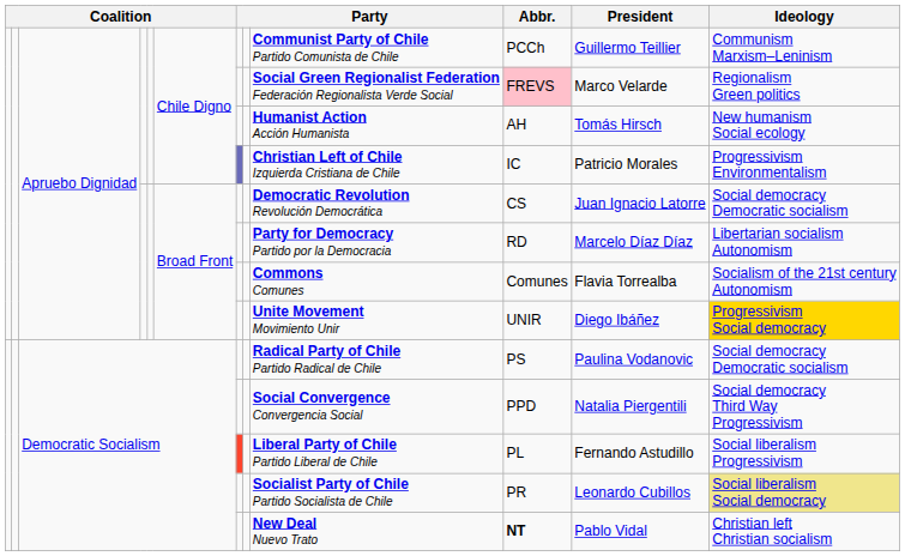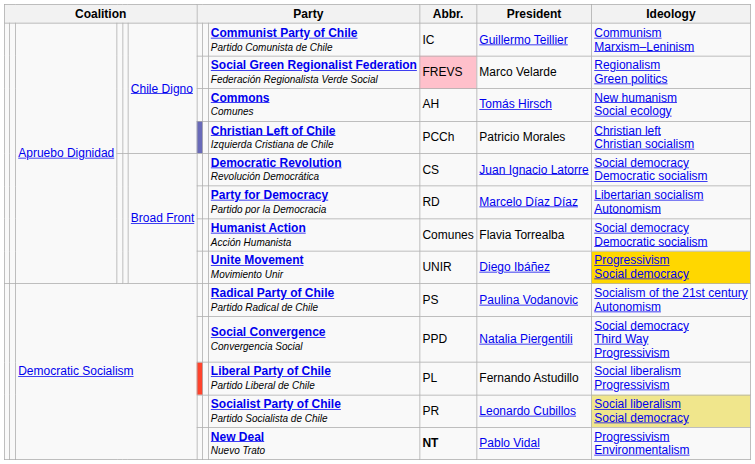 <table class="wikitable" style="font-size:100%">
 <tr>
 <th colspan="6">Coalition</th>
 <th colspan="3">Party</th>
 <th>Abbr.</th>
 <th>President</th>
 <th>Ideology</th>
 </tr>
 <tr>
 <td rowspan="8" style="background-color: "></td>
 <td rowspan="8"></td>
 <td rowspan="8"><a href='#'>Apruebo Dignidad</a></td>
 <td rowspan="4" style="background-color: "></td>
 <td rowspan="4"></td>
 <td rowspan="4"><a href='#'>Chile Digno</a></td>
 <td style="background-color: "></td>
 <td></td>
 <td><strong><a href='#'>Communist Party of Chile</a></strong><br><small><em>Partido Comunista de Chile</em></small></td>
-<td>PCCh</td>
+<td>IC</td>
 <td><a href='#'>Guillermo Teillier</a></td>
 <td><a href='#'>Communism</a><br><a href='#'>Marxism–Leninism</a></td>
 </tr>
 <tr>
 <td style="background-color: "></td>
 <td></td>
 <td><strong><a href='#'>Social Green Regionalist Federation</a></strong><br><small><em>Federación Regionalista Verde Social</em></small></td>
 <td style="background: pink;">FREVS</td>
 <td>Marco Velarde</td>
 <td><a href='#'>Regionalism</a><br><a href='#'>Green politics</a></td>
 </tr>
 <tr>
 <td style="background-color: "></td>
 <td></td>
-<td><strong><a href='#'>Humanist Action</a></strong><br><small><em>Acción Humanista</em></small></td>
+<td><strong><a href='#'>Commons</a></strong><br><small><em>Comunes</em></small></td>
 <td>AH</td>
 <td><a href='#'>Tomás Hirsch</a></td>
 <td><a href='#'>New humanism</a><br><a href='#'>Social ecology</a></td>
 </tr>
 <tr>
 <td style="background-color: #696AB9"></td>
 <td></td>
 <td><strong><a href='#'>Christian Left of Chile</a></strong><br><small><em>Izquierda Cristiana de Chile</em></small></td>
-<td>IC</td>
+<td>PCCh</td>
 <td>Patricio Morales</td>
-<td><a href='#'>Progressivism</a><br><a href='#'>Environmentalism</a></td>
+<td><a href='#'>Christian left</a><br><a href='#'>Christian socialism</a></td>
 </tr>
 <tr>
 <td rowspan="4" style="background-color: "></td>
 <td rowspan="4"></td>
 <td rowspan="4"><a href='#'>Broad Front</a></td>
 <td style="background-color: "></td>
 <td></td>
 <td><strong><a href='#'>Democratic Revolution</a></strong><br><small><em>Revolución Democrática</em></small></td>
 <td>CS</td>
 <td><a href='#'>Juan Ignacio Latorre</a></td>
 <td><a href='#'>Social democracy</a><br><a href='#'>Democratic socialism</a></td>
 </tr>
 <tr>
 <td style="background-color: "></td>
 <td></td>
 <td><a href='#'><strong>Party for Democracy</strong></a><br><small><em>Partido por la Democracia</em></small></td>
 <td>RD</td>
 <td><a href='#'>Marcelo Díaz Díaz</a></td>
 <td><a href='#'>Libertarian socialism</a><br><a href='#'>Autonomism</a></td>
 </tr>
 <tr>
 <td style="background-color: "></td>
 <td></td>
-<td><strong><a href='#'>Commons</a></strong><br><small><em>Comunes</em></small></td>
+<td><strong><a href='#'>Humanist Action</a></strong><br><small><em>Acción Humanista</em></small></td>
 <td>Comunes</td>
 <td>Flavia Torrealba</td>
-<td><a href='#'>Socialism of the 21st century</a><br><a href='#'>Autonomism</a></td>
+<td><a href='#'>Social democracy</a><br><a href='#'>Democratic socialism</a></td>
 </tr>
 <tr>
 <td style="background-color: "></td>
 <td></td>
 <td><strong><a href='#'>Unite Movement</a></strong><br><small><em>Movimiento Unir</em></small></td>
 <td>UNIR</td>
 <td><a href='#'>Diego Ibáñez</a></td>
 <td style="background: gold;"><a href='#'>Progressivism</a><br><a href='#'>Social democracy</a></td>
 </tr>
 <tr>
 <td rowspan="5" style="background-color: "></td>
 <td rowspan="5"></td>
 <td colspan="4" rowspan="5"><a href='#'>Democratic Socialism</a></td>
 <td style="background-color: "></td>
 <td></td>
 <td><strong><a href='#'>Radical Party of Chile</a></strong><br><small><em>Partido Radical de Chile</em></small></td>
 <td>PS</td>
 <td><a href='#'>Paulina Vodanovic</a></td>
-<td><a href='#'>Social democracy</a><br><a href='#'>Democratic socialism</a></td>
+<td><a href='#'>Socialism of the 21st century</a><br><a href='#'>Autonomism</a></td>
 </tr>
 <tr>
 <td style="background-color: "></td>
 <td></td>
 <td><strong><a href='#'>Social Convergence</a></strong><br><small><em>Convergencia Social</em></small></td>
 <td>PPD</td>
 <td><a href='#'>Natalia Piergentili</a></td>
 <td><a href='#'>Social democracy</a><br><a href='#'>Third Way</a><br><a href='#'>Progressivism</a></td>
 </tr>
 <tr>
 <td style="background-color: #FF432C"></td>
 <td></td>
 <td><a href='#'><strong>Liberal Party of Chile</strong></a><br><small><em>Partido Liberal de Chile</em></small></td>
 <td>PL</td>
 <td>Fernando Astudillo</td>
 <td><a href='#'>Social liberalism</a><br><a href='#'>Progressivism</a></td>
 </tr>
 <tr>
 <td style="background-color: "></td>
 <td></td>
 <td><strong><a href='#'>Socialist Party of Chile</a></strong><br><small><em>Partido Socialista de Chile</em></small></td>
 <td>PR</td>
 <td><a href='#'>Leonardo Cubillos</a></td>
 <td style="background: khaki;"><a href='#'>Social liberalism</a><br><a href='#'>Social democracy</a></td>
 </tr>
 <tr>
 <td style="background-color: "></td>
 <td></td>
 <td><a href='#'><strong>New Deal</strong></a><br><small><em>Nuevo Trato</em></small></td>
 <td><strong>NT</strong></td>
 <td><a href='#'>Pablo Vidal</a></td>
-<td><a href='#'>Christian left</a><br><a href='#'>Christian socialism</a></td>
+<td><a href='#'>Progressivism</a><br><a href='#'>Environmentalism</a></td>
 </tr>
 </table>
